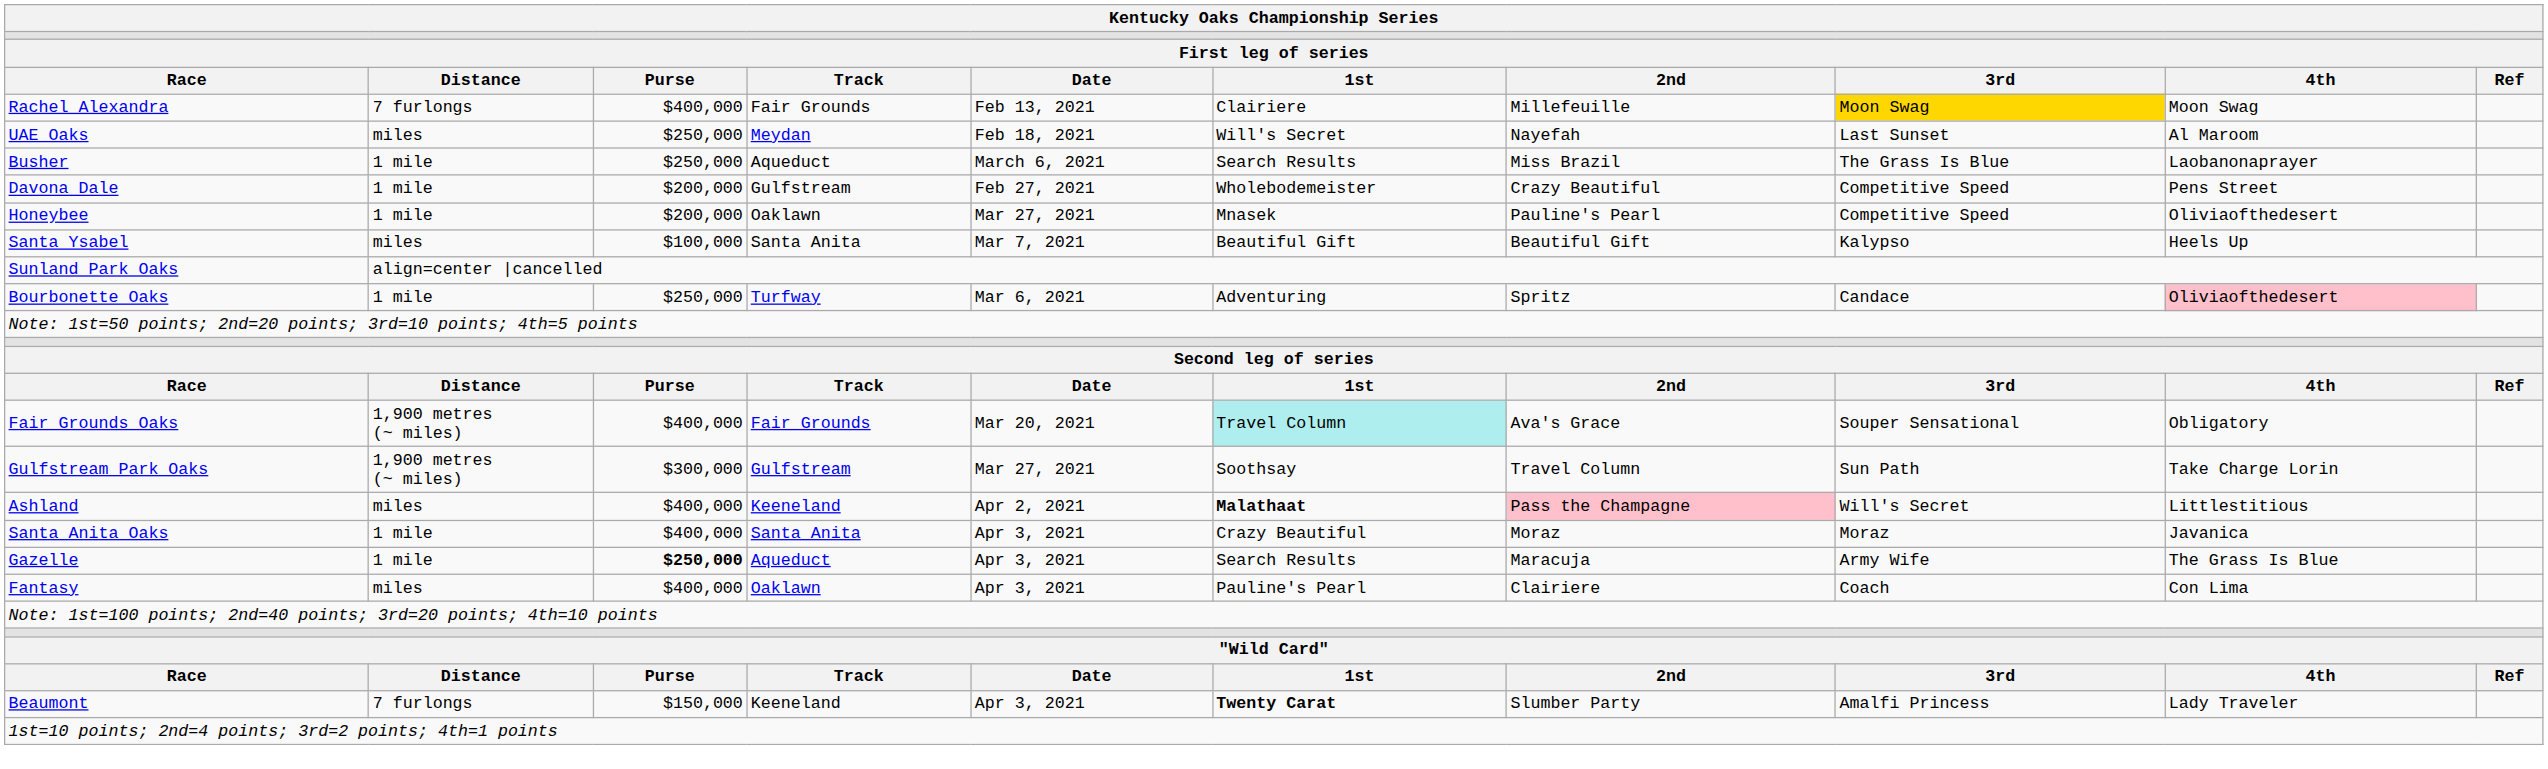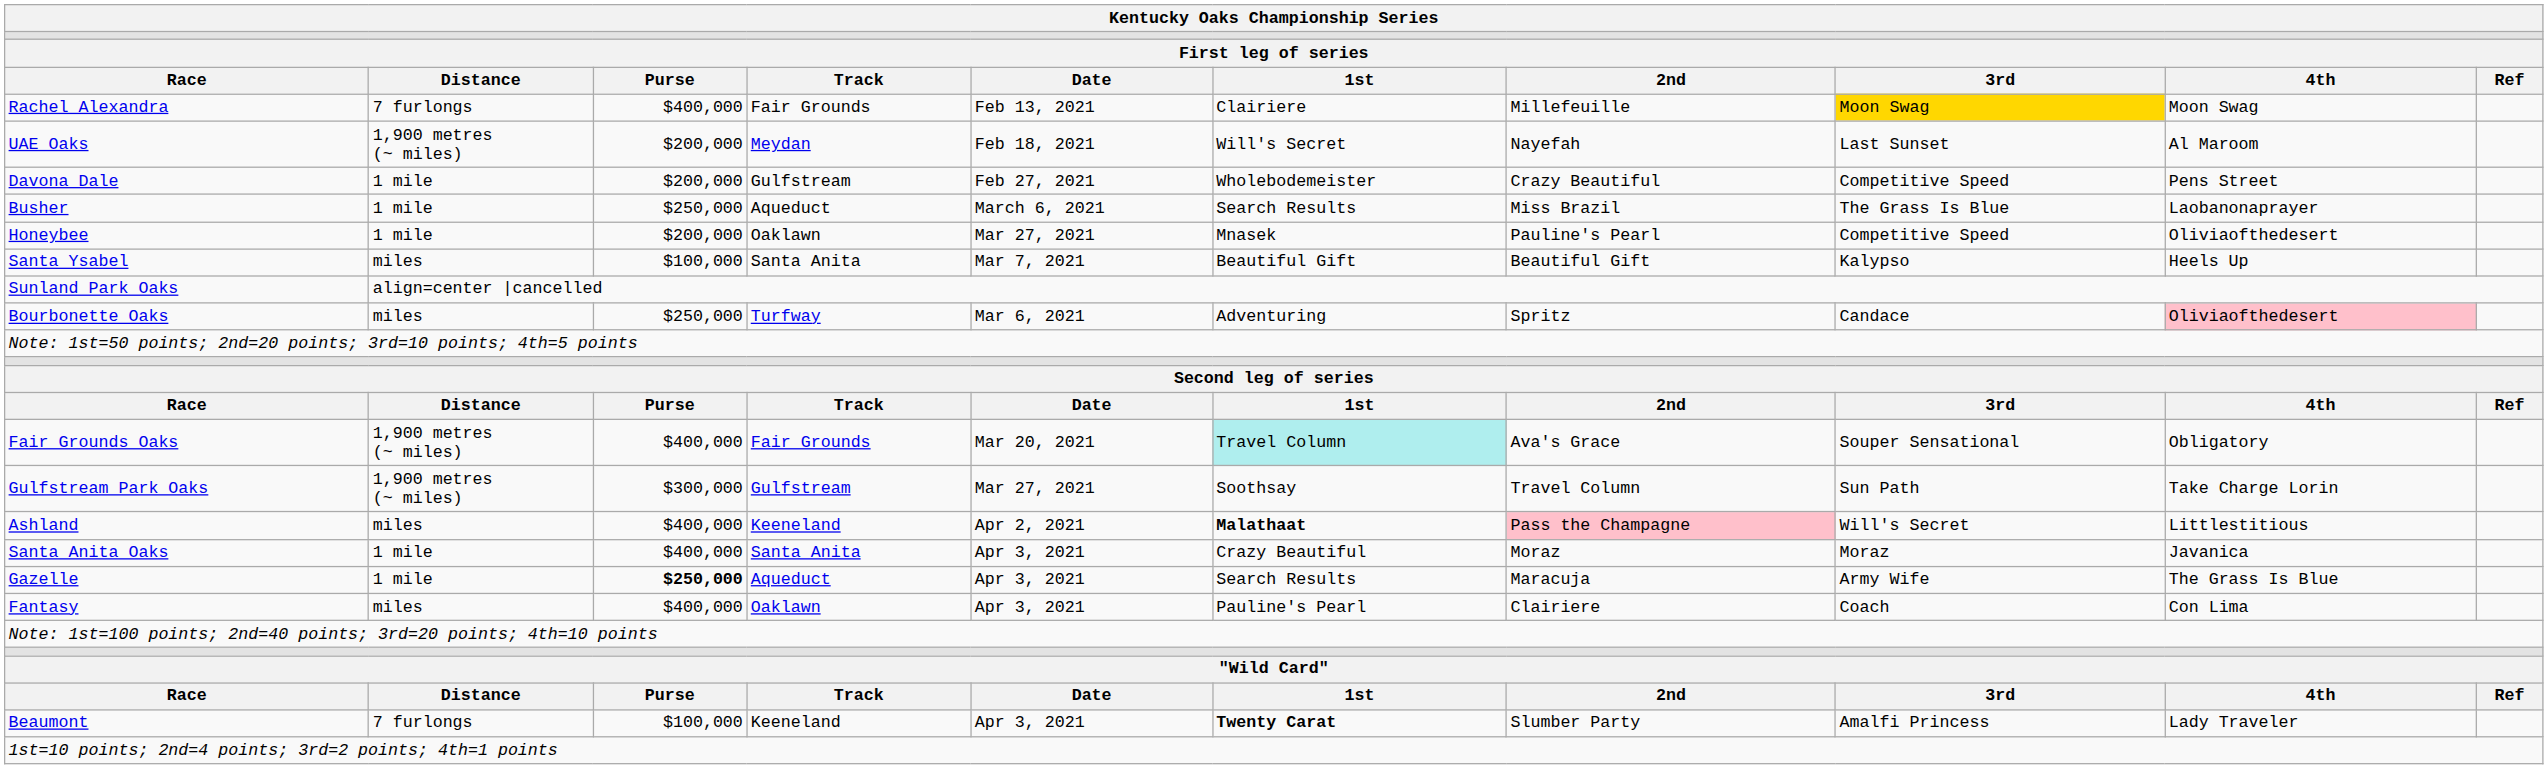 <table class="wikitable" style="width:100%">
 <tr>
 <th colspan=10>Kentucky Oaks Championship Series</th>
 </tr>
 <tr>
 <td colspan=10 style="background: #e3e3e3;"></td>
 </tr>
 <tr>
 <th colspan=10>First leg of series</th>
 </tr>
 <tr>
 <th>Race</th>
 <th>Distance</th>
 <th>Purse</th>
 <th>Track</th>
 <th>Date</th>
 <th>1st</th>
 <th>2nd</th>
 <th>3rd</th>
 <th>4th</th>
 <th>Ref</th>
 </tr>
 <tr>
 <td><a href='#'>Rachel Alexandra</a></td>
 <td>7 furlongs</td>
 <td align=right>$400,000</td>
 <td>Fair Grounds</td>
 <td>Feb 13, 2021</td>
 <td>Clairiere</td>
 <td>Millefeuille</td>
 <td style="background: gold;">Moon Swag</td>
 <td>Moon Swag</td>
 <td></td>
 </tr>
 <tr>
 <td><a href='#'>UAE Oaks</a></td>
-<td> miles</td>
-<td align=right>$250,000</td>
+<td>1,900 metres<br>(~ miles)</td>
+<td align=right>$200,000</td>
 <td><a href='#'>Meydan</a></td>
 <td>Feb 18, 2021</td>
 <td>Will's Secret</td>
 <td>Nayefah</td>
 <td>Last Sunset</td>
 <td>Al Maroom</td>
+<td></td>
+</tr>
+<tr>
+<td><a href='#'>Davona Dale</a></td>
+<td>1 mile</td>
+<td align=right>$200,000</td>
+<td>Gulfstream</td>
+<td>Feb 27, 2021</td>
+<td>Wholebodemeister</td>
+<td>Crazy Beautiful</td>
+<td>Competitive Speed</td>
+<td>Pens Street</td>
 <td></td>
 </tr>
 <tr>
 <td><a href='#'>Busher</a></td>
 <td>1 mile</td>
 <td align=right>$250,000</td>
 <td>Aqueduct</td>
 <td>March 6, 2021</td>
 <td>Search Results</td>
 <td>Miss Brazil</td>
 <td>The Grass Is Blue</td>
 <td>Laobanonaprayer</td>
-<td></td>
-</tr>
-<tr>
-<td><a href='#'>Davona Dale</a></td>
-<td>1 mile</td>
-<td align=right>$200,000</td>
-<td>Gulfstream</td>
-<td>Feb 27, 2021</td>
-<td>Wholebodemeister</td>
-<td>Crazy Beautiful</td>
-<td>Competitive Speed</td>
-<td>Pens Street</td>
 <td></td>
 </tr>
 <tr>
 <td><a href='#'>Honeybee</a></td>
 <td>1 mile</td>
 <td align=right>$200,000</td>
 <td>Oaklawn</td>
 <td>Mar 27, 2021</td>
 <td>Mnasek</td>
 <td>Pauline's Pearl</td>
 <td>Competitive Speed</td>
 <td>Oliviaofthedesert</td>
 <td></td>
 </tr>
 <tr>
 <td><a href='#'>Santa Ysabel</a></td>
 <td> miles</td>
 <td align=right>$100,000</td>
 <td>Santa Anita</td>
 <td>Mar 7, 2021</td>
 <td>Beautiful Gift</td>
 <td>Beautiful Gift</td>
 <td>Kalypso</td>
 <td>Heels Up</td>
 <td></td>
 </tr>
 <tr>
 <td><a href='#'>Sunland Park Oaks</a></td>
 <td colspan=9>align=center |cancelled</td>
 </tr>
 <tr>
 <td><a href='#'>Bourbonette Oaks</a></td>
-<td>1 mile</td>
+<td> miles</td>
 <td align=right>$250,000</td>
 <td><a href='#'>Turfway</a></td>
 <td>Mar 6, 2021</td>
 <td>Adventuring</td>
 <td>Spritz</td>
 <td>Candace</td>
 <td style="background: pink;">Oliviaofthedesert</td>
 <td></td>
 </tr>
 <tr>
 <td colspan=10><em>Note: 1st=50 points; 2nd=20 points; 3rd=10 points; 4th=5 points</em></td>
 </tr>
 <tr>
 <td colspan=10 style="background: #e3e3e3;"></td>
 </tr>
 <tr>
 <th colspan=10>Second leg of series</th>
 </tr>
 <tr>
 <th>Race</th>
 <th>Distance</th>
 <th>Purse</th>
 <th>Track</th>
 <th>Date</th>
 <th>1st</th>
 <th>2nd</th>
 <th>3rd</th>
 <th>4th</th>
 <th>Ref</th>
 </tr>
 <tr>
 <td><a href='#'>Fair Grounds Oaks</a></td>
 <td>1,900 metres<br>(~ miles)</td>
 <td align=right>$400,000</td>
 <td><a href='#'>Fair Grounds</a></td>
 <td>Mar 20, 2021</td>
 <td style="background: paleturquoise;">Travel Column</td>
 <td>Ava's Grace</td>
 <td>Souper Sensational</td>
 <td>Obligatory</td>
 <td></td>
 </tr>
 <tr>
 <td><a href='#'>Gulfstream Park Oaks</a></td>
 <td>1,900 metres<br>(~ miles)</td>
 <td align=right>$300,000</td>
 <td><a href='#'>Gulfstream</a></td>
 <td>Mar 27, 2021</td>
 <td>Soothsay</td>
 <td>Travel Column</td>
 <td>Sun Path</td>
 <td>Take Charge Lorin</td>
 <td></td>
 </tr>
 <tr>
 <td><a href='#'>Ashland</a></td>
 <td> miles</td>
 <td align=right>$400,000</td>
 <td><a href='#'>Keeneland</a></td>
 <td>Apr 2, 2021</td>
 <td><strong>Malathaat</strong></td>
 <td style="background: pink;">Pass the Champagne</td>
 <td>Will's Secret</td>
 <td>Littlestitious</td>
 <td></td>
 </tr>
 <tr>
 <td><a href='#'>Santa Anita Oaks</a></td>
 <td>1 mile</td>
 <td align=right>$400,000</td>
 <td><a href='#'>Santa Anita</a></td>
 <td>Apr 3, 2021</td>
 <td>Crazy Beautiful</td>
 <td>Moraz</td>
 <td>Moraz</td>
 <td>Javanica</td>
 <td></td>
 </tr>
 <tr>
 <td><a href='#'>Gazelle</a></td>
 <td>1 mile</td>
 <td align=right><strong>$250,000</strong></td>
 <td><a href='#'>Aqueduct</a></td>
 <td>Apr 3, 2021</td>
 <td>Search Results</td>
 <td>Maracuja</td>
 <td>Army Wife</td>
 <td>The Grass Is Blue</td>
 <td></td>
 </tr>
 <tr>
 <td><a href='#'>Fantasy</a></td>
 <td> miles</td>
 <td align=right>$400,000</td>
 <td><a href='#'>Oaklawn</a></td>
 <td>Apr 3, 2021</td>
 <td>Pauline's Pearl</td>
 <td>Clairiere</td>
 <td>Coach</td>
 <td>Con Lima</td>
 <td></td>
 </tr>
 <tr>
 <td colspan=10><em>Note: 1st=100 points; 2nd=40 points; 3rd=20 points; 4th=10 points</em></td>
 </tr>
 <tr>
 <td colspan=10 style="background: #e3e3e3;"></td>
 </tr>
 <tr>
 <th colspan=10>"Wild Card"</th>
 </tr>
 <tr>
 <th>Race</th>
 <th>Distance</th>
 <th>Purse</th>
 <th>Track</th>
 <th>Date</th>
 <th>1st</th>
 <th>2nd</th>
 <th>3rd</th>
 <th>4th</th>
 <th>Ref</th>
 </tr>
 <tr>
 <td><a href='#'>Beaumont</a></td>
 <td>7 furlongs</td>
-<td align=right>$150,000</td>
+<td align=right>$100,000</td>
 <td>Keeneland</td>
 <td>Apr 3, 2021</td>
 <td><strong>Twenty Carat</strong></td>
 <td>Slumber Party</td>
 <td>Amalfi Princess</td>
 <td>Lady Traveler</td>
 <td></td>
 </tr>
 <tr>
 <td colspan=10><em> 1st=10 points; 2nd=4 points; 3rd=2 points; 4th=1 points</em></td>
 </tr>
 </table>
